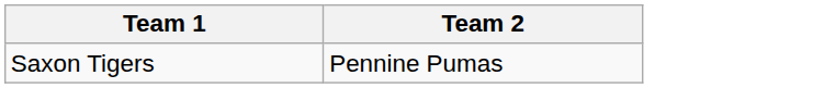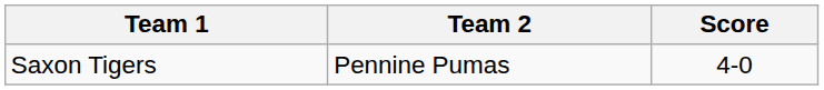 <table class="wikitable" style="text-align:centre;">
 <tr>
 <th width=200>Team 1</th>
 <th width=200>Team 2</th>
+<th width=100>Score</th>
 </tr>
 <tr>
 <td>Saxon Tigers</td>
 <td>Pennine Pumas</td>
+<td align=center>4-0</td>
 </tr>
 </table>
